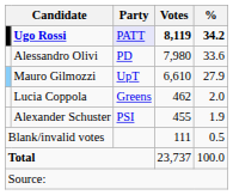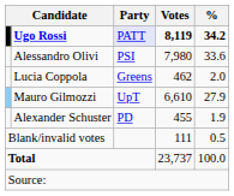 <table class="wikitable" style="font-size:95%">
 <tr bgcolor="#E9E9E9">
 <th rowspan="1" colspan="2">Candidate</th>
 <th rowspan="1" colspan="1">Party</th>
 <th rowspan="1" colspan="1">Votes</th>
 <th rowspan="1" colspan="1">%</th>
 </tr>
 <tr>
 <td bgcolor="black"></td>
 <td align="left"><strong><a href='#'>Ugo Rossi</a></strong></td>
 <td align="left" style="background: lavender;"><a href='#'>PATT</a></td>
 <td align="right"><strong>8,119</strong></td>
 <td align="right"><strong>34.2</strong></td>
 </tr>
 <tr>
 <td></td>
 <td align="left">Alessandro Olivi</td>
-<td align="left"><a href='#'>PD</a></td>
+<td align="left"><a href='#'>PSI</a></td>
 <td align="right">7,980</td>
 <td align="right">33.6</td>
+</tr>
+<tr>
+<td></td>
+<td align="left">Lucia Coppola</td>
+<td align="left"><a href='#'>Greens</a></td>
+<td align="right">462</td>
+<td align="right">2.0</td>
 </tr>
 <tr>
 <td bgcolor="lightskyblue"></td>
 <td align="left">Mauro Gilmozzi</td>
 <td align="left"><a href='#'>UpT</a></td>
 <td align="right">6,610</td>
 <td align="right">27.9</td>
 </tr>
 <tr>
 <td></td>
-<td align="left">Lucia Coppola</td>
-<td align="left"><a href='#'>Greens</a></td>
-<td align="right">462</td>
-<td align="right">2.0</td>
-</tr>
-<tr>
-<td></td>
 <td align="left">Alexander Schuster</td>
-<td align="left"><a href='#'>PSI</a></td>
+<td align="left"><a href='#'>PD</a></td>
 <td align="right">455</td>
 <td align="right">1.9</td>
 </tr>
 <tr>
 <td colspan=2 align="left">Blank/invalid votes</td>
 <td align="left"></td>
 <td align="right">111</td>
 <td align="right">0.5</td>
 </tr>
 <tr>
 <td colspan="3" align="left"><strong>Total</strong></td>
 <td align="right">23,737</td>
 <td align="right">100.0</td>
 </tr>
 <tr>
 <td colspan=5>Source: </td>
 </tr>
 </table>
